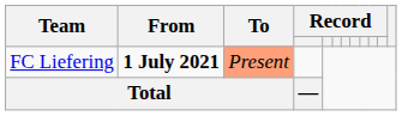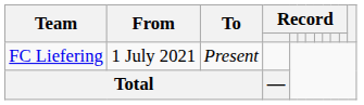 <table class="wikitable" style="text-align: center">
 <tr>
 <th rowspan="2">Team</th>
 <th rowspan="2">From</th>
 <th rowspan="2">To</th>
 <th colspan="8">Record</th>
 <th rowspan=2></th>
 </tr>
 <tr>
 <th></th>
 <th></th>
 <th></th>
 <th></th>
 <th></th>
 <th></th>
 <th></th>
 <th></th>
 </tr>
 <tr>
 <td align=left><a href='#'>FC Liefering</a></td>
-<td align=left><strong>1 July 2021</strong></td>
-<td align=left style="background: lightsalmon;"><em> Present </em><br></td>
+<td align=left>1 July 2021</td>
+<td align=left><em> Present </em><br></td>
 <td></td>
 </tr>
 <tr>
 <th colspan="3">Total<br></th>
 <th>—</th>
 </tr>
 </table>
